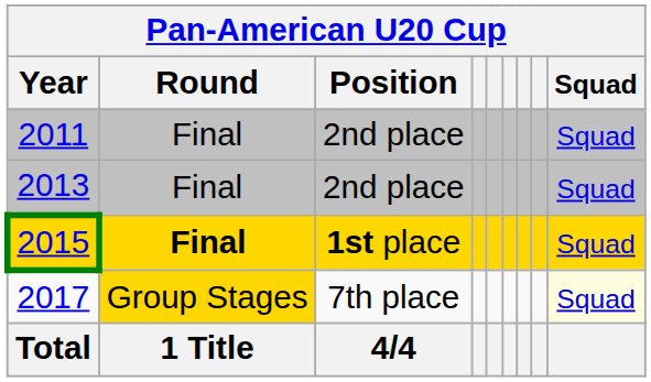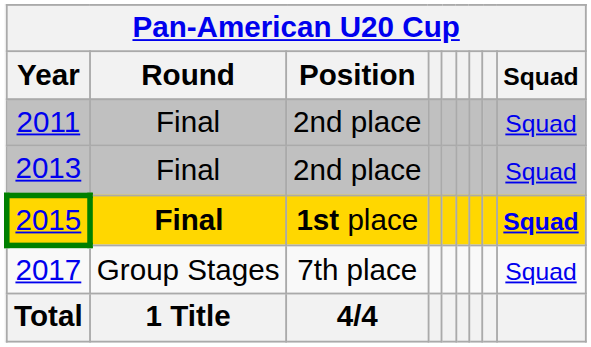 <table class="wikitable" style="text-align: center;">
 <tr>
 <th colspan=9><a href='#'>Pan-American U20 Cup</a></th>
 </tr>
 <tr>
 <th>Year</th>
 <th>Round</th>
 <th>Position</th>
 <th></th>
 <th></th>
 <th></th>
 <th></th>
 <th></th>
 <th><small>Squad</small></th>
 </tr>
 <tr bgcolor=silver>
 <td> <a href='#'>2011</a></td>
 <td>Final</td>
 <td>2nd place</td>
 <td></td>
 <td></td>
 <td></td>
 <td></td>
 <td></td>
 <td><small><a href='#'>Squad</a></small></td>
 </tr>
 <tr bgcolor=silver>
 <td> <a href='#'>2013</a></td>
 <td>Final</td>
 <td>2nd place</td>
 <td></td>
 <td></td>
 <td></td>
 <td></td>
 <td></td>
 <td><small><a href='#'>Squad</a></small></td>
 </tr>
 <tr bgcolor=gold>
 <td style="border:3px solid green"> <a href='#'>2015</a></td>
 <td><strong>Final</strong></td>
 <td><strong>1st</strong> place</td>
 <td></td>
 <td></td>
 <td></td>
 <td></td>
 <td></td>
-<td><small><a href='#'>Squad</a></small></td>
+<td><strong><small><a href='#'>Squad</a></small></strong></td>
 </tr>
 <tr>
 <td> <a href='#'>2017</a></td>
-<td style="background: gold;">Group Stages</td>
+<td>Group Stages</td>
 <td>7th place</td>
 <td></td>
 <td></td>
 <td></td>
 <td></td>
 <td></td>
-<td style="background: lightyellow;"><small><a href='#'>Squad</a></small></td>
+<td><small><a href='#'>Squad</a></small></td>
 </tr>
 <tr>
 <th>Total</th>
 <th>1 Title</th>
 <th>4/4</th>
 <th></th>
 <th></th>
 <th></th>
 <th></th>
 <th></th>
 <th></th>
 </tr>
 </table>
